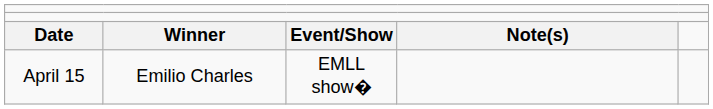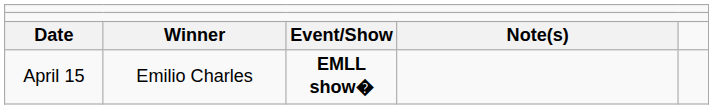 <table class="wikitable" style="text-align:center; width:100%;">
 <tr>
 <td colspan=5></td>
 </tr>
 <tr>
 <td colspan=5><strong></strong></td>
 </tr>
 <tr>
 <th width=14%>Date</th>
 <th width=26%>Winner</th>
 <th width=14%>Event/Show</th>
 <th width=40%>Note(s)</th>
 </tr>
 <tr>
 <td>April 15</td>
 <td>Emilio Charles</td>
-<td>EMLL show�</td>
+<td><strong>EMLL show�</strong></td>
 <td></td>
 <td></td>
 </tr>
 </table>
